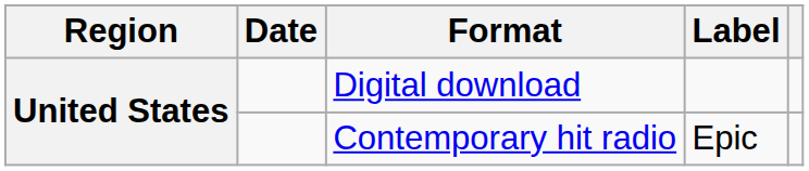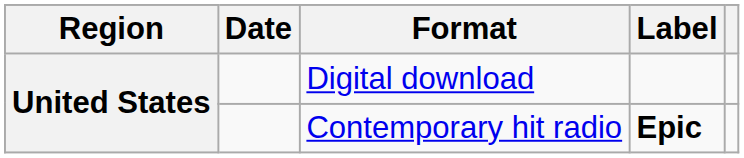 <table class="wikitable plainrowheaders">
 <tr>
 <th scope="col">Region</th>
 <th scope="col">Date</th>
 <th scope="col">Format</th>
 <th scope="col">Label</th>
 <th scope="col"></th>
 </tr>
 <tr>
 <th scope="row" rowspan="2">United States</th>
 <td></td>
 <td><a href='#'>Digital download</a></td>
 <td></td>
 <td></td>
 </tr>
 <tr>
 <td></td>
 <td><a href='#'>Contemporary hit radio</a></td>
-<td>Epic</td>
+<td><strong>Epic</strong></td>
 <td></td>
 </tr>
 </table>
